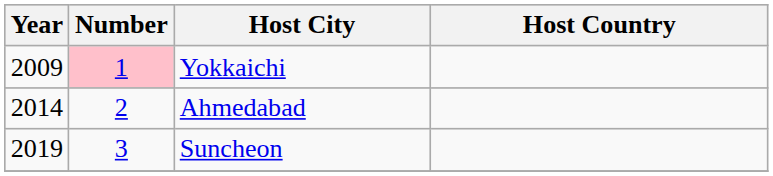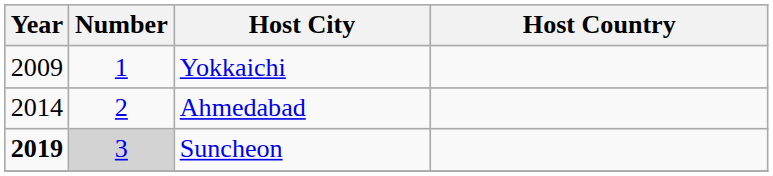 <table class="wikitable" style="font-size:100%">
 <tr>
 <th width=30>Year</th>
 <th width=30>Number</th>
 <th width=150>Host City</th>
 <th width=200>Host Country</th>
 </tr>
 <tr>
 <td align=center>2009</td>
-<td align=center style="background: pink;"><a href='#'>1</a></td>
+<td align=center><a href='#'>1</a></td>
 <td><a href='#'>Yokkaichi</a></td>
 <td> </td>
 </tr>
 <tr>
 <td align=center>2014</td>
 <td align=center><a href='#'>2</a></td>
 <td><a href='#'>Ahmedabad</a></td>
 <td> </td>
 </tr>
 <tr>
-<td align=center>2019</td>
-<td align=center><a href='#'>3</a></td>
+<td align=center><strong>2019</strong></td>
+<td align=center style="background: lightgrey;"><a href='#'>3</a></td>
 <td><a href='#'>Suncheon</a></td>
 <td></td>
 </tr>
 <tr>
 </tr>
 </table>
